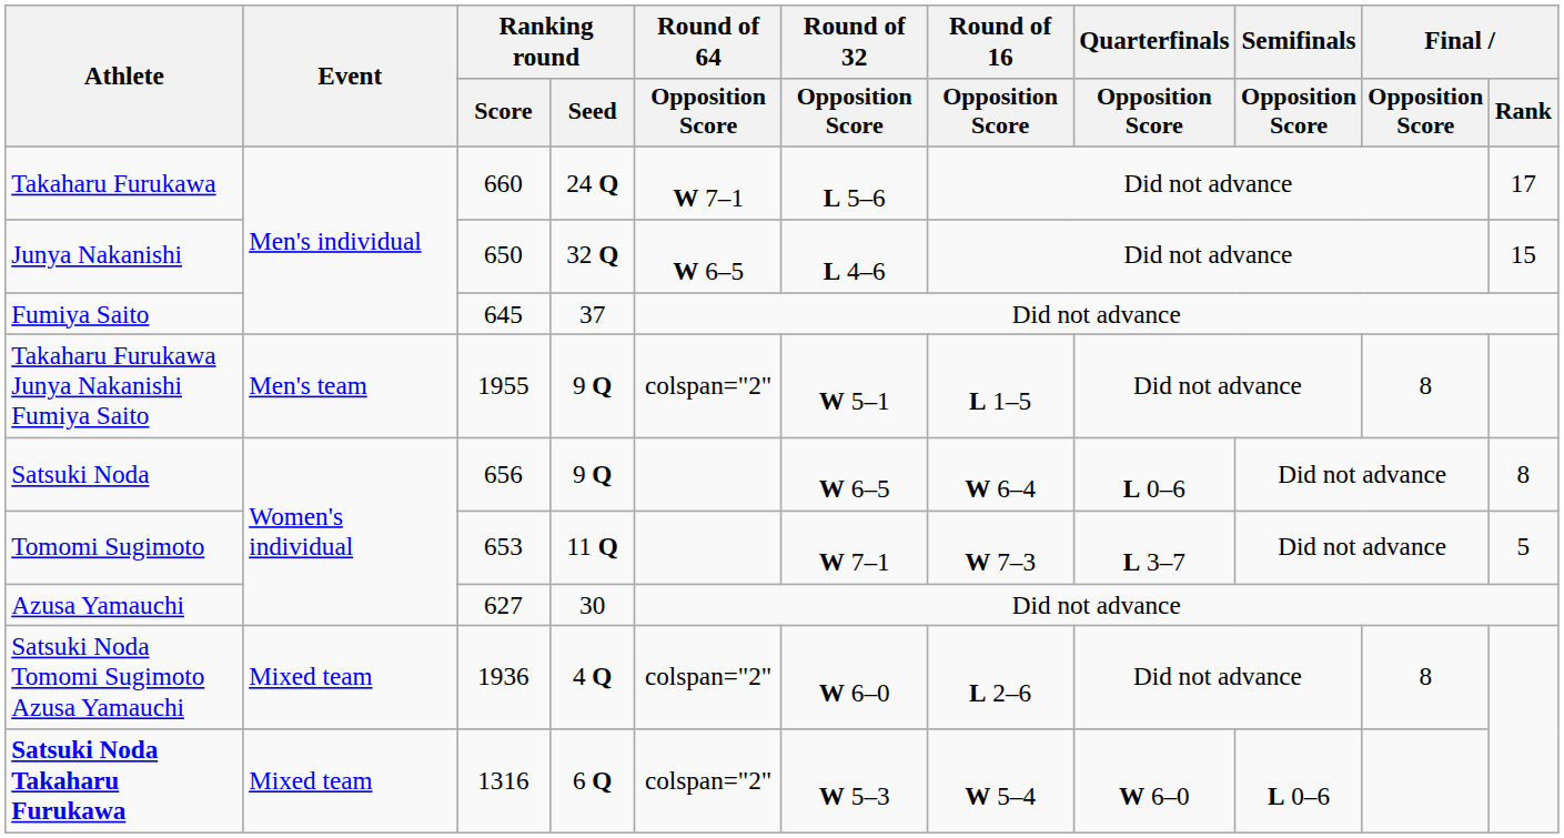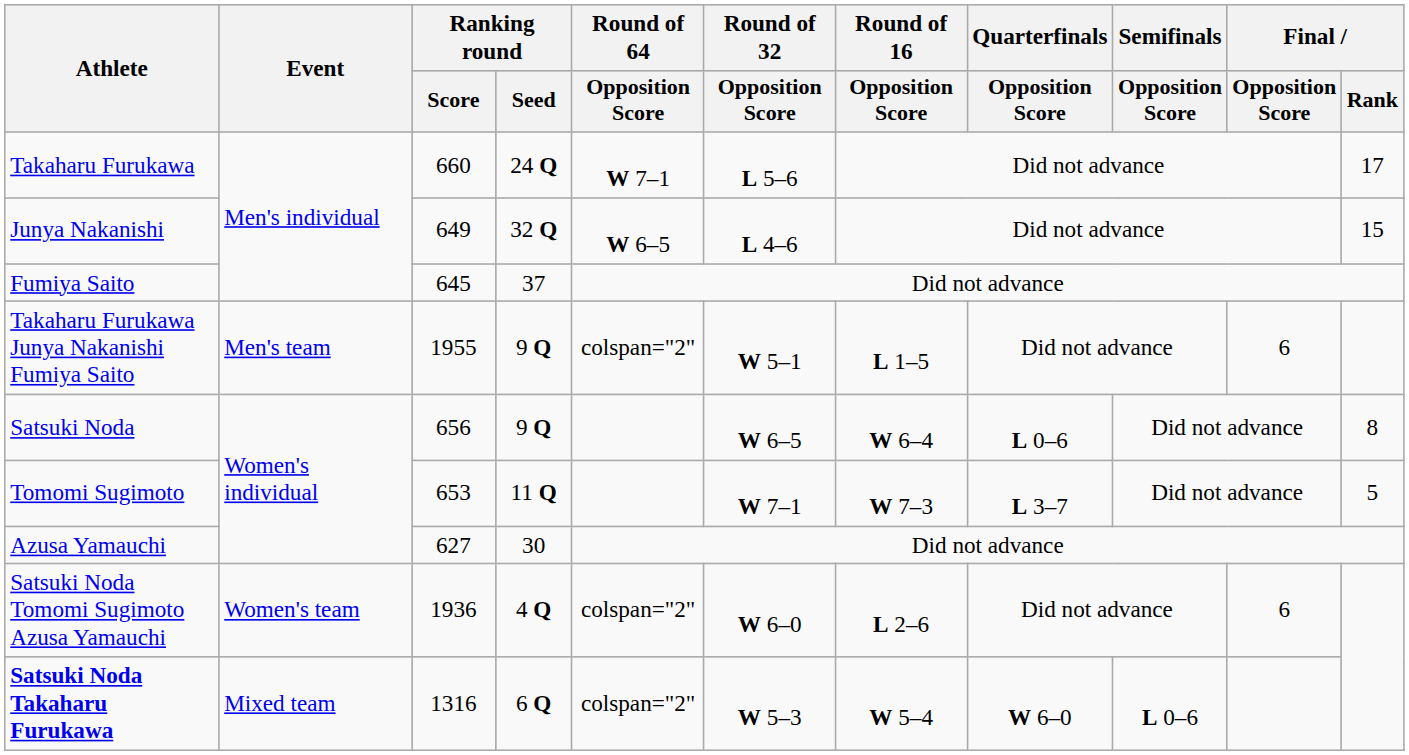 <table class="wikitable" style="font-size:90%">
 <tr>
 <th rowspan=2>Athlete</th>
 <th rowspan=2>Event</th>
 <th colspan="2">Ranking round</th>
 <th>Round of 64</th>
 <th>Round of 32</th>
 <th>Round of 16</th>
 <th>Quarterfinals</th>
 <th>Semifinals</th>
 <th colspan="2">Final / </th>
 </tr>
 <tr style="font-size:95%">
 <th>Score</th>
 <th>Seed</th>
 <th>Opposition<br>Score</th>
 <th>Opposition<br>Score</th>
 <th>Opposition<br>Score</th>
 <th>Opposition<br>Score</th>
 <th>Opposition<br>Score</th>
 <th>Opposition<br>Score</th>
 <th>Rank</th>
 </tr>
 <tr align=center>
 <td align=left><a href='#'>Takaharu Furukawa</a></td>
 <td align=left rowspan="3"><a href='#'>Men's individual</a></td>
 <td>660</td>
 <td>24 <strong>Q</strong></td>
 <td><br><strong>W</strong> 7–1</td>
 <td><br><strong>L</strong> 5–6</td>
 <td colspan="4">Did not advance</td>
 <td>17</td>
 </tr>
 <tr align=center>
 <td align=left><a href='#'>Junya Nakanishi</a></td>
-<td>650</td>
+<td>649</td>
 <td>32 <strong>Q</strong></td>
 <td><br><strong>W</strong> 6–5</td>
 <td><br><strong>L</strong> 4–6</td>
 <td colspan="4">Did not advance</td>
 <td>15</td>
 </tr>
 <tr align=center>
 <td align=left><a href='#'>Fumiya Saito</a></td>
 <td>645</td>
 <td>37</td>
 <td colspan="7">Did not advance</td>
 </tr>
 <tr align=center>
 <td align=left><a href='#'>Takaharu Furukawa</a><br><a href='#'>Junya Nakanishi</a><br><a href='#'>Fumiya Saito</a></td>
 <td align=left><a href='#'>Men's team</a></td>
 <td>1955</td>
 <td>9 <strong>Q</strong></td>
 <td>colspan="2" </td>
 <td><br><strong>W</strong> 5–1</td>
 <td><br><strong>L</strong> 1–5</td>
 <td colspan="2">Did not advance</td>
-<td>8</td>
+<td>6</td>
 </tr>
 <tr align=center>
 <td align=left><a href='#'>Satsuki Noda</a></td>
 <td align=left rowspan="3"><a href='#'>Women's individual</a></td>
 <td>656</td>
 <td>9 <strong>Q</strong></td>
 <td></td>
 <td><br><strong>W</strong> 6–5</td>
 <td><br><strong>W</strong> 6–4</td>
 <td><br><strong>L</strong> 0–6</td>
 <td colspan="2">Did not advance</td>
 <td>8</td>
 </tr>
 <tr align=center>
 <td align=left><a href='#'>Tomomi Sugimoto</a></td>
 <td>653</td>
 <td>11 <strong>Q</strong></td>
 <td></td>
 <td><br><strong>W</strong> 7–1</td>
 <td><br><strong>W</strong> 7–3</td>
 <td><br><strong>L</strong> 3–7</td>
 <td colspan="2">Did not advance</td>
 <td>5</td>
 </tr>
 <tr align=center>
 <td align=left><a href='#'>Azusa Yamauchi</a></td>
 <td>627</td>
 <td>30</td>
 <td colspan="7">Did not advance</td>
 </tr>
 <tr align=center>
 <td align=left><a href='#'>Satsuki Noda</a><br><a href='#'>Tomomi Sugimoto</a><br><a href='#'>Azusa Yamauchi</a></td>
-<td align=left><a href='#'>Mixed team</a></td>
+<td align=left><a href='#'>Women's team</a></td>
 <td>1936</td>
 <td>4 <strong>Q</strong></td>
 <td>colspan="2" </td>
 <td><br><strong>W</strong> 6–0</td>
 <td><br><strong>L</strong> 2–6</td>
 <td colspan="2">Did not advance</td>
-<td>8</td>
+<td>6</td>
 </tr>
 <tr align=center>
 <td align=left><strong><a href='#'>Satsuki Noda</a><br><a href='#'>Takaharu Furukawa</a></strong></td>
 <td align=left><a href='#'>Mixed team</a></td>
 <td>1316</td>
 <td>6 <strong>Q</strong></td>
 <td>colspan="2" </td>
 <td><br><strong>W</strong> 5–3</td>
 <td><br><strong>W</strong> 5–4</td>
 <td><br><strong>W</strong> 6–0</td>
 <td><br><strong>L</strong> 0–6</td>
 <td></td>
 </tr>
 </table>
